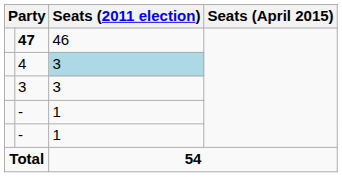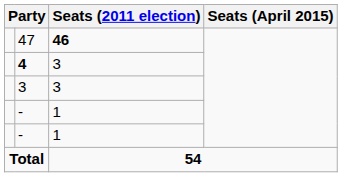 <table class="wikitable">
 <tr>
 <th colspan=2>Party</th>
 <th>Seats (<a href='#'>2011 election</a>)</th>
 <th>Seats (April 2015)</th>
 </tr>
 <tr>
 <td></td>
-<td><strong>47</strong></td>
-<td>46</td>
+<td>47</td>
+<td><strong>46</strong></td>
 </tr>
 <tr>
 <td></td>
-<td>4</td>
-<td style="background: lightblue;">3</td>
+<td><strong>4</strong></td>
+<td>3</td>
 </tr>
 <tr>
 <td></td>
 <td>3</td>
 <td>3</td>
 </tr>
 <tr>
 <td></td>
 <td>-</td>
 <td>1</td>
 </tr>
 <tr>
 <td></td>
 <td>-</td>
 <td>1</td>
 </tr>
 <tr>
 <td colspan="2" align="center"><strong>Total</strong></td>
 <td colspan="2" align="center"><strong>54</strong></td>
 </tr>
 </table>
